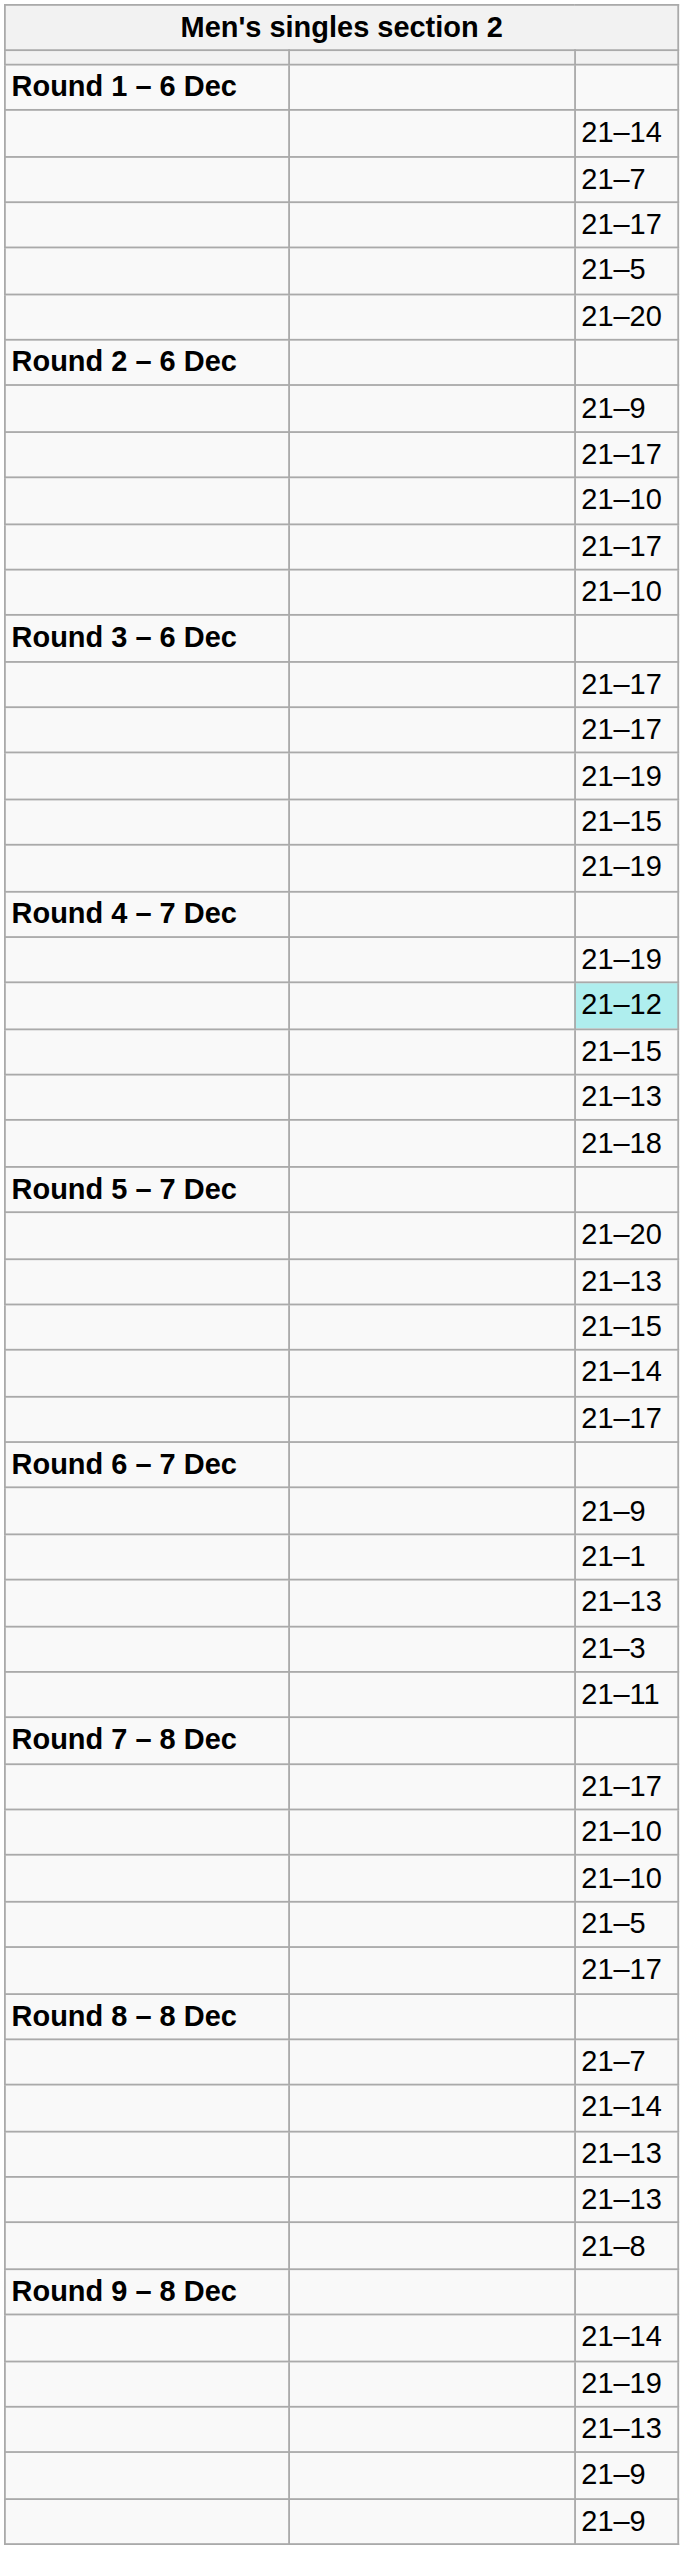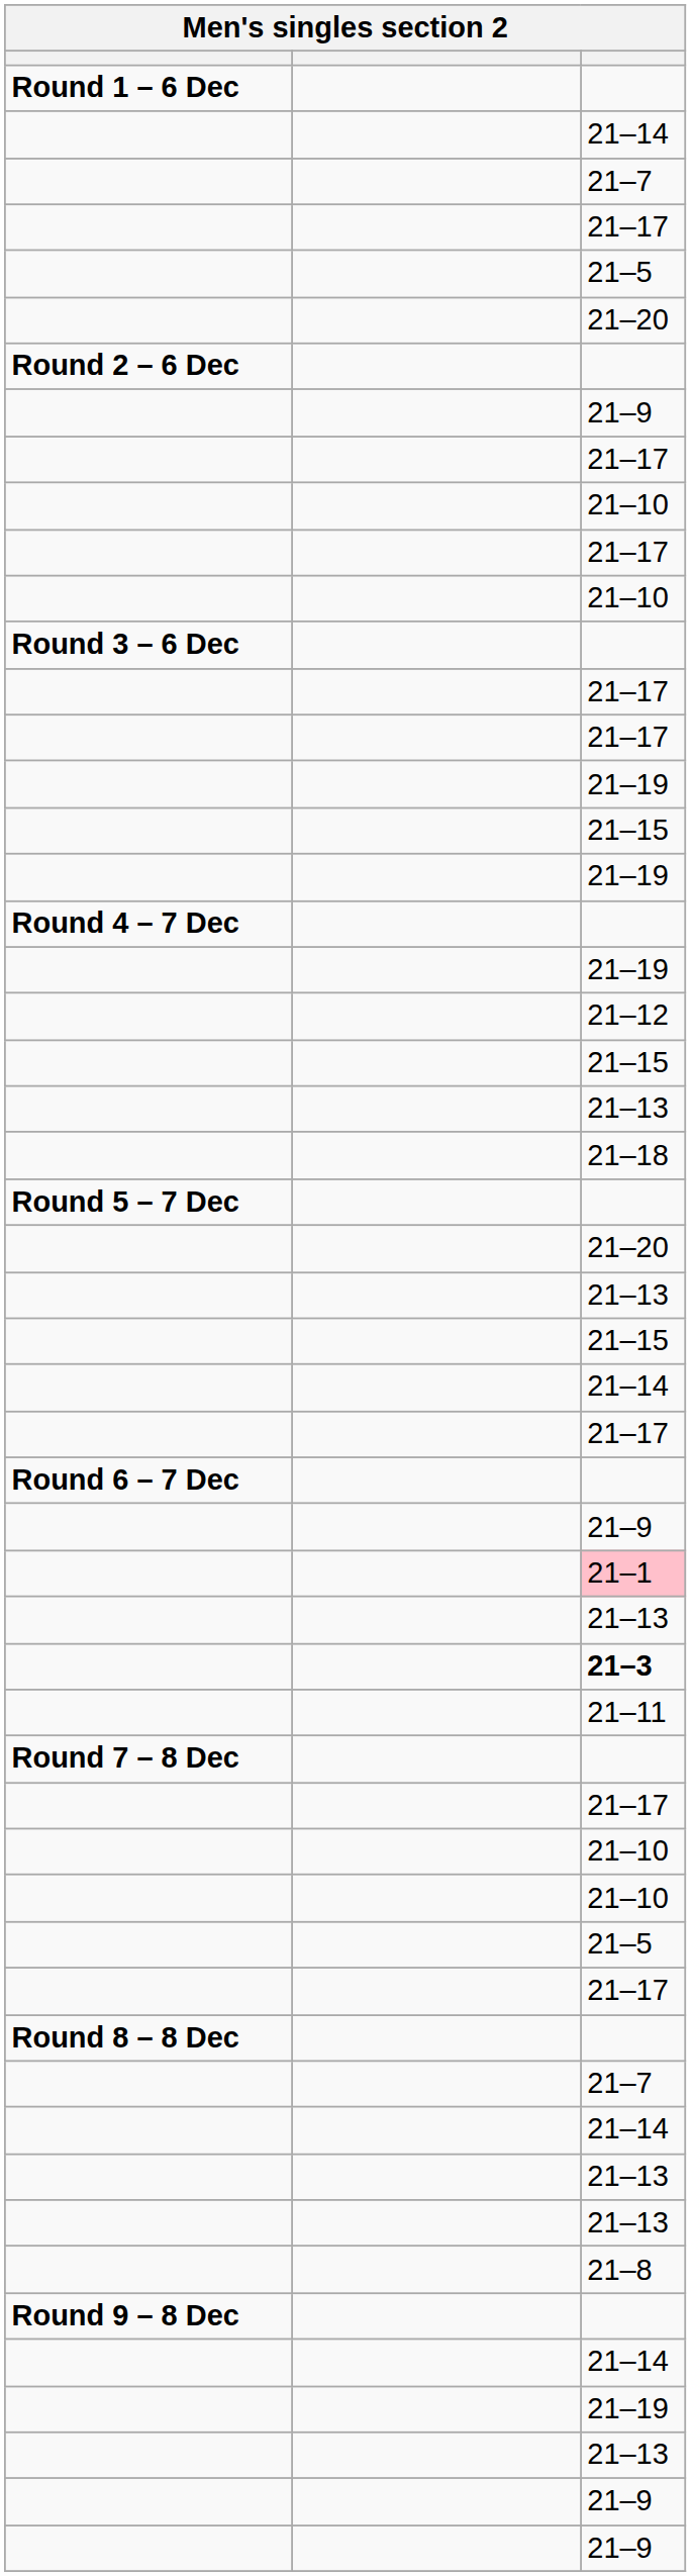 <table class="wikitable">
 <tr>
 <th colspan="3">Men's singles section 2</th>
 </tr>
 <tr>
 <th width=150></th>
 <th width=150></th>
 <th width=50></th>
 </tr>
 <tr>
 <td><strong>Round 1 – 6 Dec</strong></td>
 <td></td>
 <td></td>
 </tr>
 <tr>
 <td></td>
 <td></td>
 <td>21–14</td>
 </tr>
 <tr>
 <td></td>
 <td></td>
 <td>21–7</td>
 </tr>
 <tr>
 <td></td>
 <td></td>
 <td>21–17</td>
 </tr>
 <tr>
 <td></td>
 <td></td>
 <td>21–5</td>
 </tr>
 <tr>
 <td></td>
 <td></td>
 <td>21–20</td>
 </tr>
 <tr>
 <td><strong>Round 2 – 6 Dec</strong></td>
 <td></td>
 <td></td>
 </tr>
 <tr>
 <td></td>
 <td></td>
 <td>21–9</td>
 </tr>
 <tr>
 <td></td>
 <td></td>
 <td>21–17</td>
 </tr>
 <tr>
 <td></td>
 <td></td>
 <td>21–10</td>
 </tr>
 <tr>
 <td></td>
 <td></td>
 <td>21–17</td>
 </tr>
 <tr>
 <td></td>
 <td></td>
 <td>21–10</td>
 </tr>
 <tr>
 <td><strong>Round 3 – 6 Dec</strong></td>
 <td></td>
 <td></td>
 </tr>
 <tr>
 <td></td>
 <td></td>
 <td>21–17</td>
 </tr>
 <tr>
 <td></td>
 <td></td>
 <td>21–17</td>
 </tr>
 <tr>
 <td></td>
 <td></td>
 <td>21–19</td>
 </tr>
 <tr>
 <td></td>
 <td></td>
 <td>21–15</td>
 </tr>
 <tr>
 <td></td>
 <td></td>
 <td>21–19</td>
 </tr>
 <tr>
 <td><strong>Round 4 – 7 Dec</strong></td>
 <td></td>
 <td></td>
 </tr>
 <tr>
 <td></td>
 <td></td>
 <td>21–19</td>
 </tr>
 <tr>
 <td></td>
 <td></td>
-<td style="background: paleturquoise;">21–12</td>
+<td>21–12</td>
 </tr>
 <tr>
 <td></td>
 <td></td>
 <td>21–15</td>
 </tr>
 <tr>
 <td></td>
 <td></td>
 <td>21–13</td>
 </tr>
 <tr>
 <td></td>
 <td></td>
 <td>21–18</td>
 </tr>
 <tr>
 <td><strong>Round 5 – 7 Dec</strong></td>
 <td></td>
 <td></td>
 </tr>
 <tr>
 <td></td>
 <td></td>
 <td>21–20</td>
 </tr>
 <tr>
 <td></td>
 <td></td>
 <td>21–13</td>
 </tr>
 <tr>
 <td></td>
 <td></td>
 <td>21–15</td>
 </tr>
 <tr>
 <td></td>
 <td></td>
 <td>21–14</td>
 </tr>
 <tr>
 <td></td>
 <td></td>
 <td>21–17</td>
 </tr>
 <tr>
 <td><strong>Round 6  – 7 Dec</strong></td>
 <td></td>
 <td></td>
 </tr>
 <tr>
 <td></td>
 <td></td>
 <td>21–9</td>
 </tr>
 <tr>
 <td></td>
 <td></td>
-<td>21–1</td>
+<td style="background: pink;">21–1</td>
 </tr>
 <tr>
 <td></td>
 <td></td>
 <td>21–13</td>
 </tr>
 <tr>
 <td></td>
 <td></td>
-<td>21–3</td>
+<td><strong>21–3</strong></td>
 </tr>
 <tr>
 <td></td>
 <td></td>
 <td>21–11</td>
 </tr>
 <tr>
 <td><strong>Round 7 – 8 Dec</strong></td>
 <td></td>
 <td></td>
 </tr>
 <tr>
 <td></td>
 <td></td>
 <td>21–17</td>
 </tr>
 <tr>
 <td></td>
 <td></td>
 <td>21–10</td>
 </tr>
 <tr>
 <td></td>
 <td></td>
 <td>21–10</td>
 </tr>
 <tr>
 <td></td>
 <td></td>
 <td>21–5</td>
 </tr>
 <tr>
 <td></td>
 <td></td>
 <td>21–17</td>
 </tr>
 <tr>
 <td><strong>Round 8 – 8 Dec</strong></td>
 <td></td>
 <td></td>
 </tr>
 <tr>
 <td></td>
 <td></td>
 <td>21–7</td>
 </tr>
 <tr>
 <td></td>
 <td></td>
 <td>21–14</td>
 </tr>
 <tr>
 <td></td>
 <td></td>
 <td>21–13</td>
 </tr>
 <tr>
 <td></td>
 <td></td>
 <td>21–13</td>
 </tr>
 <tr>
 <td></td>
 <td></td>
 <td>21–8</td>
 </tr>
 <tr>
 <td><strong>Round 9 – 8 Dec</strong></td>
 <td></td>
 <td></td>
 </tr>
 <tr>
 <td></td>
 <td></td>
 <td>21–14</td>
 </tr>
 <tr>
 <td></td>
 <td></td>
 <td>21–19</td>
 </tr>
 <tr>
 <td></td>
 <td></td>
 <td>21–13</td>
 </tr>
 <tr>
 <td></td>
 <td></td>
 <td>21–9</td>
 </tr>
 <tr>
 <td></td>
 <td></td>
 <td>21–9</td>
 </tr>
 <tr>
 </tr>
 </table>
